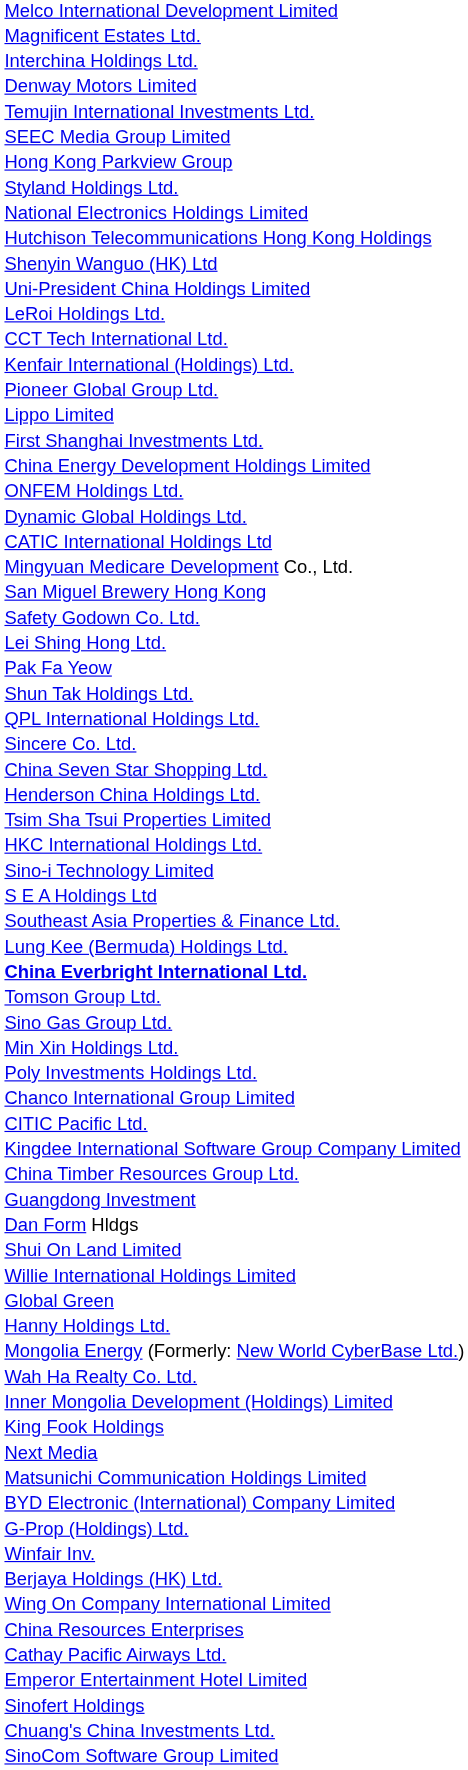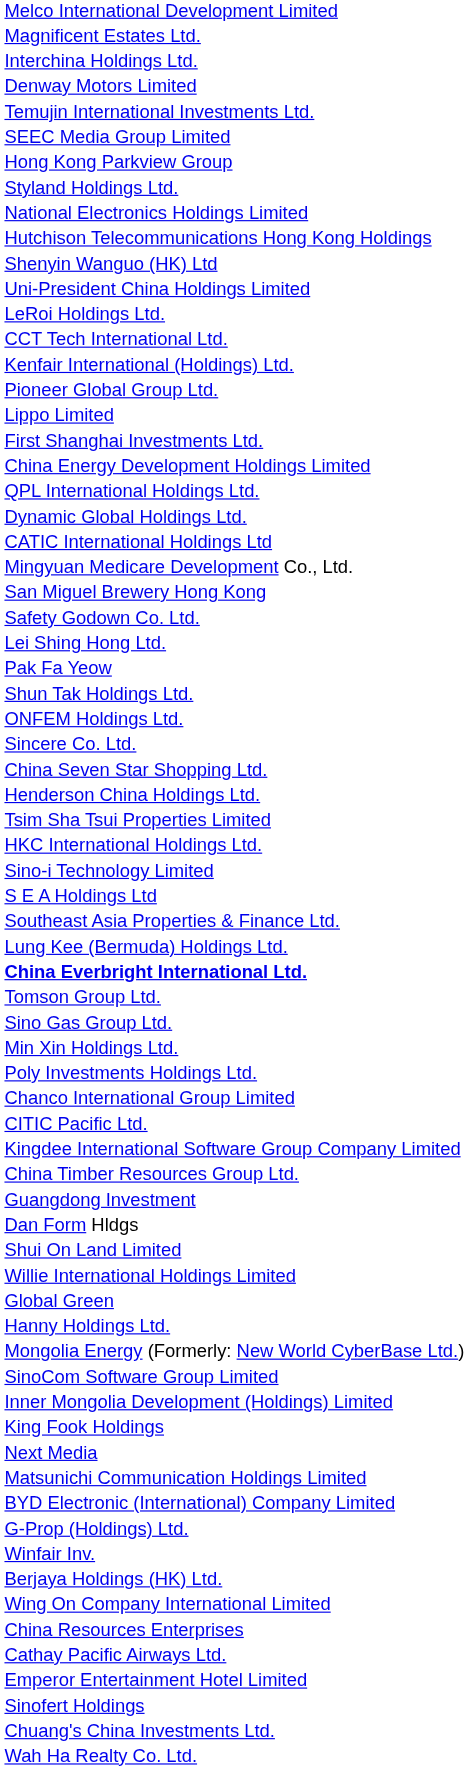 <table>
 <tr>
 <td> <a href='#'>Melco International Development Limited</a></td>
 </tr>
 <tr>
 <td> <a href='#'>Magnificent Estates Ltd.</a></td>
 </tr>
 <tr>
 <td> <a href='#'>Interchina Holdings Ltd.</a></td>
 </tr>
 <tr>
 <td> <a href='#'>Denway Motors Limited</a></td>
 </tr>
 <tr>
 <td> <a href='#'>Temujin International Investments Ltd.</a></td>
 </tr>
 <tr>
 <td> <a href='#'>SEEC Media Group Limited</a></td>
 </tr>
 <tr>
 <td> <a href='#'>Hong Kong Parkview Group</a></td>
 </tr>
 <tr>
 <td> <a href='#'>Styland Holdings Ltd.</a></td>
 </tr>
 <tr>
 <td> <a href='#'>National Electronics Holdings Limited</a></td>
 </tr>
 <tr>
 <td> <a href='#'>Hutchison Telecommunications Hong Kong Holdings</a></td>
 </tr>
 <tr>
 <td> <a href='#'>Shenyin Wanguo (HK) Ltd</a></td>
 </tr>
 <tr>
 <td> <a href='#'>Uni-President China Holdings Limited</a></td>
 </tr>
 <tr>
 <td> <a href='#'>LeRoi Holdings Ltd.</a></td>
 </tr>
 <tr>
 <td> <a href='#'>CCT Tech International Ltd.</a></td>
 </tr>
 <tr>
 <td> <a href='#'>Kenfair International (Holdings) Ltd.</a></td>
 </tr>
 <tr>
 <td> <a href='#'>Pioneer Global Group Ltd.</a></td>
 </tr>
 <tr>
 <td> <a href='#'>Lippo Limited</a></td>
 </tr>
 <tr>
 <td> <a href='#'>First Shanghai Investments Ltd.</a></td>
 </tr>
 <tr>
 <td> <a href='#'>China Energy Development Holdings Limited</a></td>
 </tr>
 <tr>
-<td> <a href='#'>ONFEM Holdings Ltd.</a></td>
+<td> <a href='#'>QPL International Holdings Ltd.</a></td>
 </tr>
 <tr>
 <td> <a href='#'>Dynamic Global Holdings Ltd.</a></td>
 </tr>
 <tr>
 <td> <a href='#'>CATIC International Holdings Ltd</a></td>
 </tr>
 <tr>
 <td> <a href='#'>Mingyuan Medicare Development</a> Co., Ltd.</td>
 </tr>
 <tr>
 <td> <a href='#'>San Miguel Brewery Hong Kong</a></td>
 </tr>
 <tr>
 <td> <a href='#'>Safety Godown Co. Ltd.</a></td>
 </tr>
 <tr>
 <td> <a href='#'>Lei Shing Hong Ltd.</a></td>
 </tr>
 <tr>
 <td> <a href='#'>Pak Fa Yeow</a></td>
 </tr>
 <tr>
 <td> <a href='#'>Shun Tak Holdings Ltd.</a></td>
 </tr>
 <tr>
-<td> <a href='#'>QPL International Holdings Ltd.</a></td>
+<td> <a href='#'>ONFEM Holdings Ltd.</a></td>
 </tr>
 <tr>
 <td> <a href='#'>Sincere Co. Ltd.</a></td>
 </tr>
 <tr>
 <td> <a href='#'>China Seven Star Shopping Ltd.</a></td>
 </tr>
 <tr>
 <td> <a href='#'>Henderson China Holdings Ltd.</a></td>
 </tr>
 <tr>
 <td> <a href='#'>Tsim Sha Tsui Properties Limited</a></td>
 </tr>
 <tr>
 <td> <a href='#'>HKC International Holdings Ltd.</a></td>
 </tr>
 <tr>
 <td> <a href='#'>Sino-i Technology Limited</a></td>
 </tr>
 <tr>
 <td> <a href='#'>S E A Holdings Ltd</a></td>
 </tr>
 <tr>
 <td> <a href='#'>Southeast Asia Properties & Finance Ltd.</a></td>
 </tr>
 <tr>
 <td> <a href='#'>Lung Kee (Bermuda) Holdings Ltd.</a></td>
 </tr>
 <tr>
 <td><strong> <a href='#'>China Everbright International Ltd.</a></strong></td>
 </tr>
 <tr>
 <td> <a href='#'>Tomson Group Ltd.</a></td>
 </tr>
 <tr>
 <td> <a href='#'>Sino Gas Group Ltd.</a></td>
 </tr>
 <tr>
 <td> <a href='#'>Min Xin Holdings Ltd.</a></td>
 </tr>
 <tr>
 <td> <a href='#'>Poly Investments Holdings Ltd.</a></td>
 </tr>
 <tr>
 <td> <a href='#'>Chanco International Group Limited</a></td>
 </tr>
 <tr>
 <td> <a href='#'>CITIC Pacific Ltd.</a></td>
 </tr>
 <tr>
 <td> <a href='#'>Kingdee International Software Group Company Limited</a></td>
 </tr>
 <tr>
 <td> <a href='#'>China Timber Resources Group Ltd.</a></td>
 </tr>
 <tr>
 <td> <a href='#'>Guangdong Investment</a></td>
 </tr>
 <tr>
 <td> <a href='#'>Dan Form</a> Hldgs</td>
 </tr>
 <tr>
 <td> <a href='#'>Shui On Land Limited</a></td>
 </tr>
 <tr>
 <td> <a href='#'>Willie International Holdings Limited</a></td>
 </tr>
 <tr>
 <td> <a href='#'>Global Green</a></td>
 </tr>
 <tr>
 <td> <a href='#'>Hanny Holdings Ltd.</a></td>
 </tr>
 <tr>
 <td> <a href='#'>Mongolia Energy</a> (Formerly: <a href='#'>New World CyberBase Ltd.</a>)</td>
 </tr>
 <tr>
-<td> <a href='#'>Wah Ha Realty Co. Ltd.</a></td>
+<td> <a href='#'>SinoCom Software Group Limited</a></td>
 </tr>
 <tr>
 <td> <a href='#'>Inner Mongolia Development (Holdings) Limited</a></td>
 </tr>
 <tr>
 <td> <a href='#'>King Fook Holdings</a></td>
 </tr>
 <tr>
 <td> <a href='#'>Next Media</a></td>
 </tr>
 <tr>
 <td> <a href='#'>Matsunichi Communication Holdings Limited</a></td>
 </tr>
 <tr>
 <td> <a href='#'>BYD Electronic (International) Company Limited</a></td>
 </tr>
 <tr>
 <td> <a href='#'>G-Prop (Holdings) Ltd.</a></td>
 </tr>
 <tr>
 <td> <a href='#'>Winfair Inv.</a></td>
 </tr>
 <tr>
 <td> <a href='#'>Berjaya Holdings (HK) Ltd.</a></td>
 </tr>
 <tr>
 <td> <a href='#'>Wing On Company International Limited</a></td>
 </tr>
 <tr>
 <td> <a href='#'>China Resources Enterprises</a></td>
 </tr>
 <tr>
 <td> <a href='#'>Cathay Pacific Airways Ltd.</a></td>
 </tr>
 <tr>
 <td> <a href='#'>Emperor Entertainment Hotel Limited</a></td>
 </tr>
 <tr>
 <td> <a href='#'>Sinofert Holdings</a></td>
 </tr>
 <tr>
 <td> <a href='#'>Chuang's China Investments Ltd.</a></td>
 </tr>
 <tr>
-<td> <a href='#'>SinoCom Software Group Limited</a></td>
+<td> <a href='#'>Wah Ha Realty Co. Ltd.</a></td>
 </tr>
 </table>
